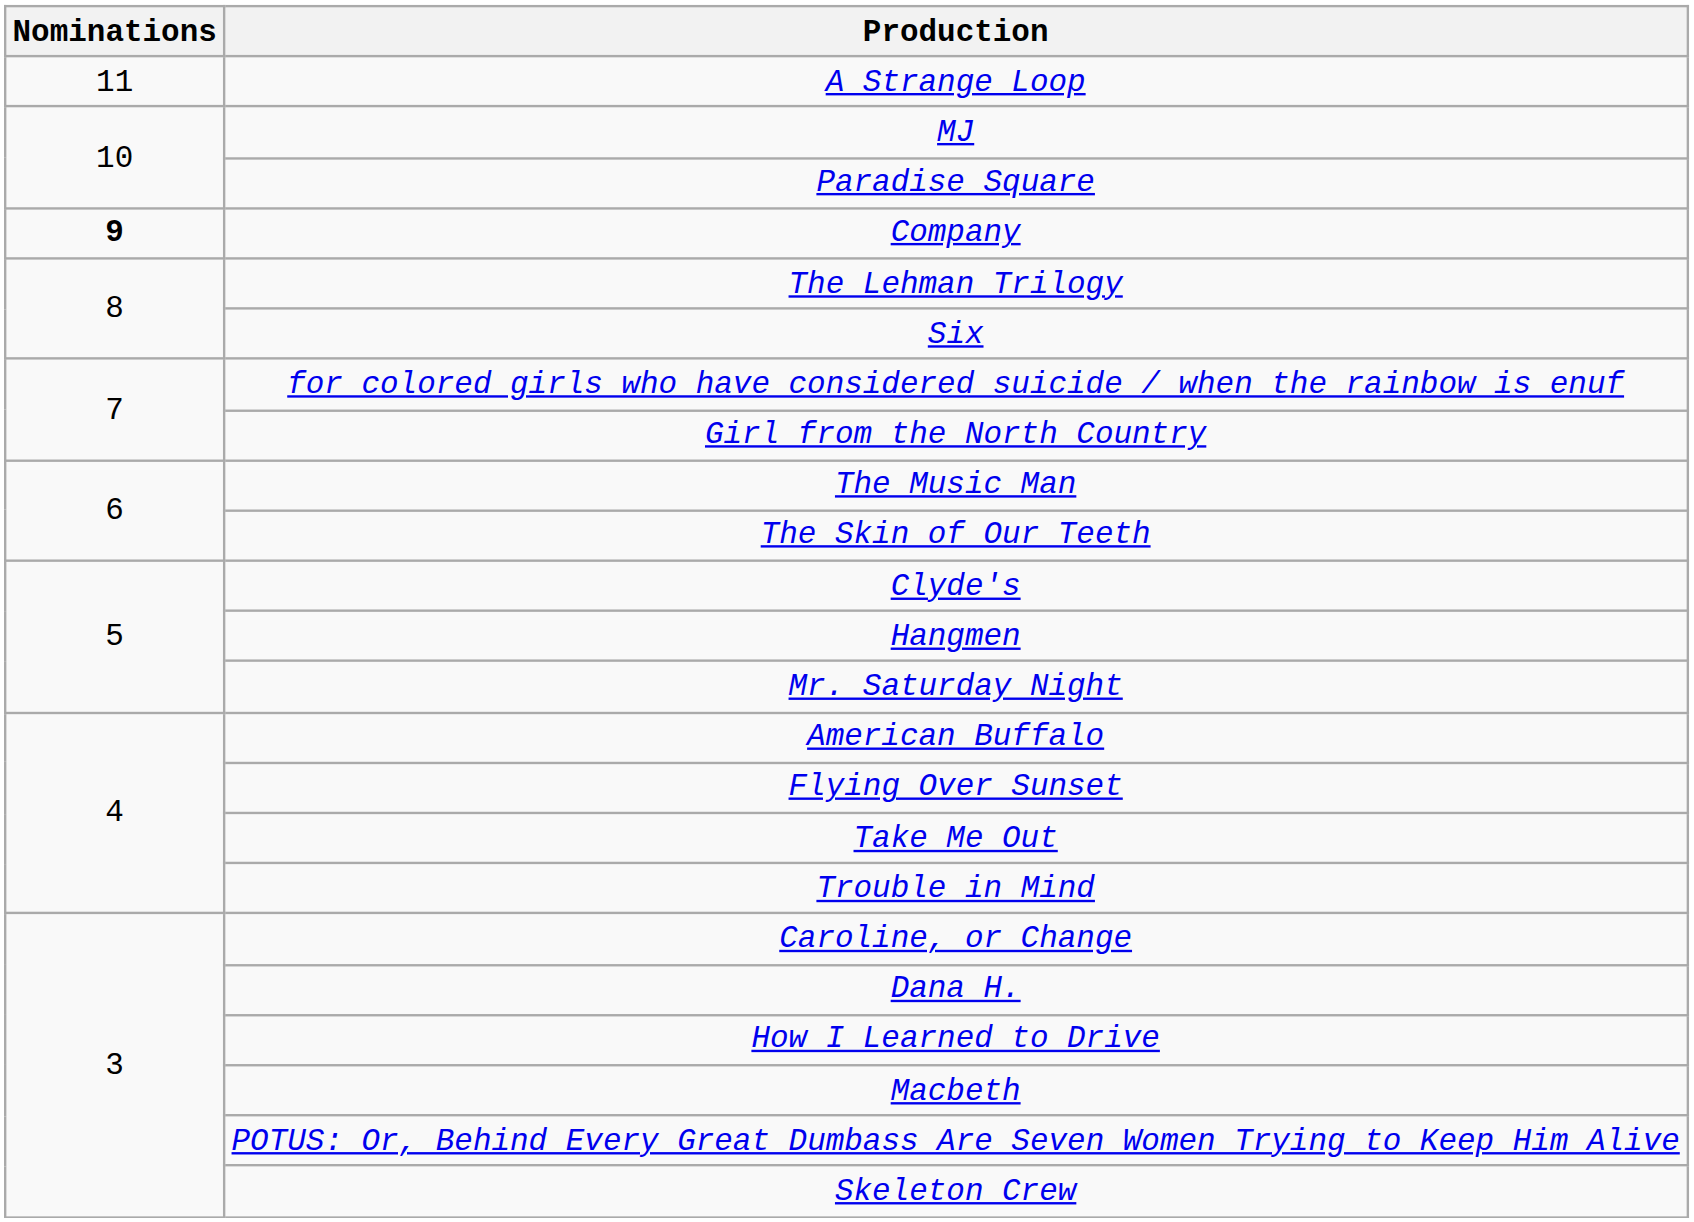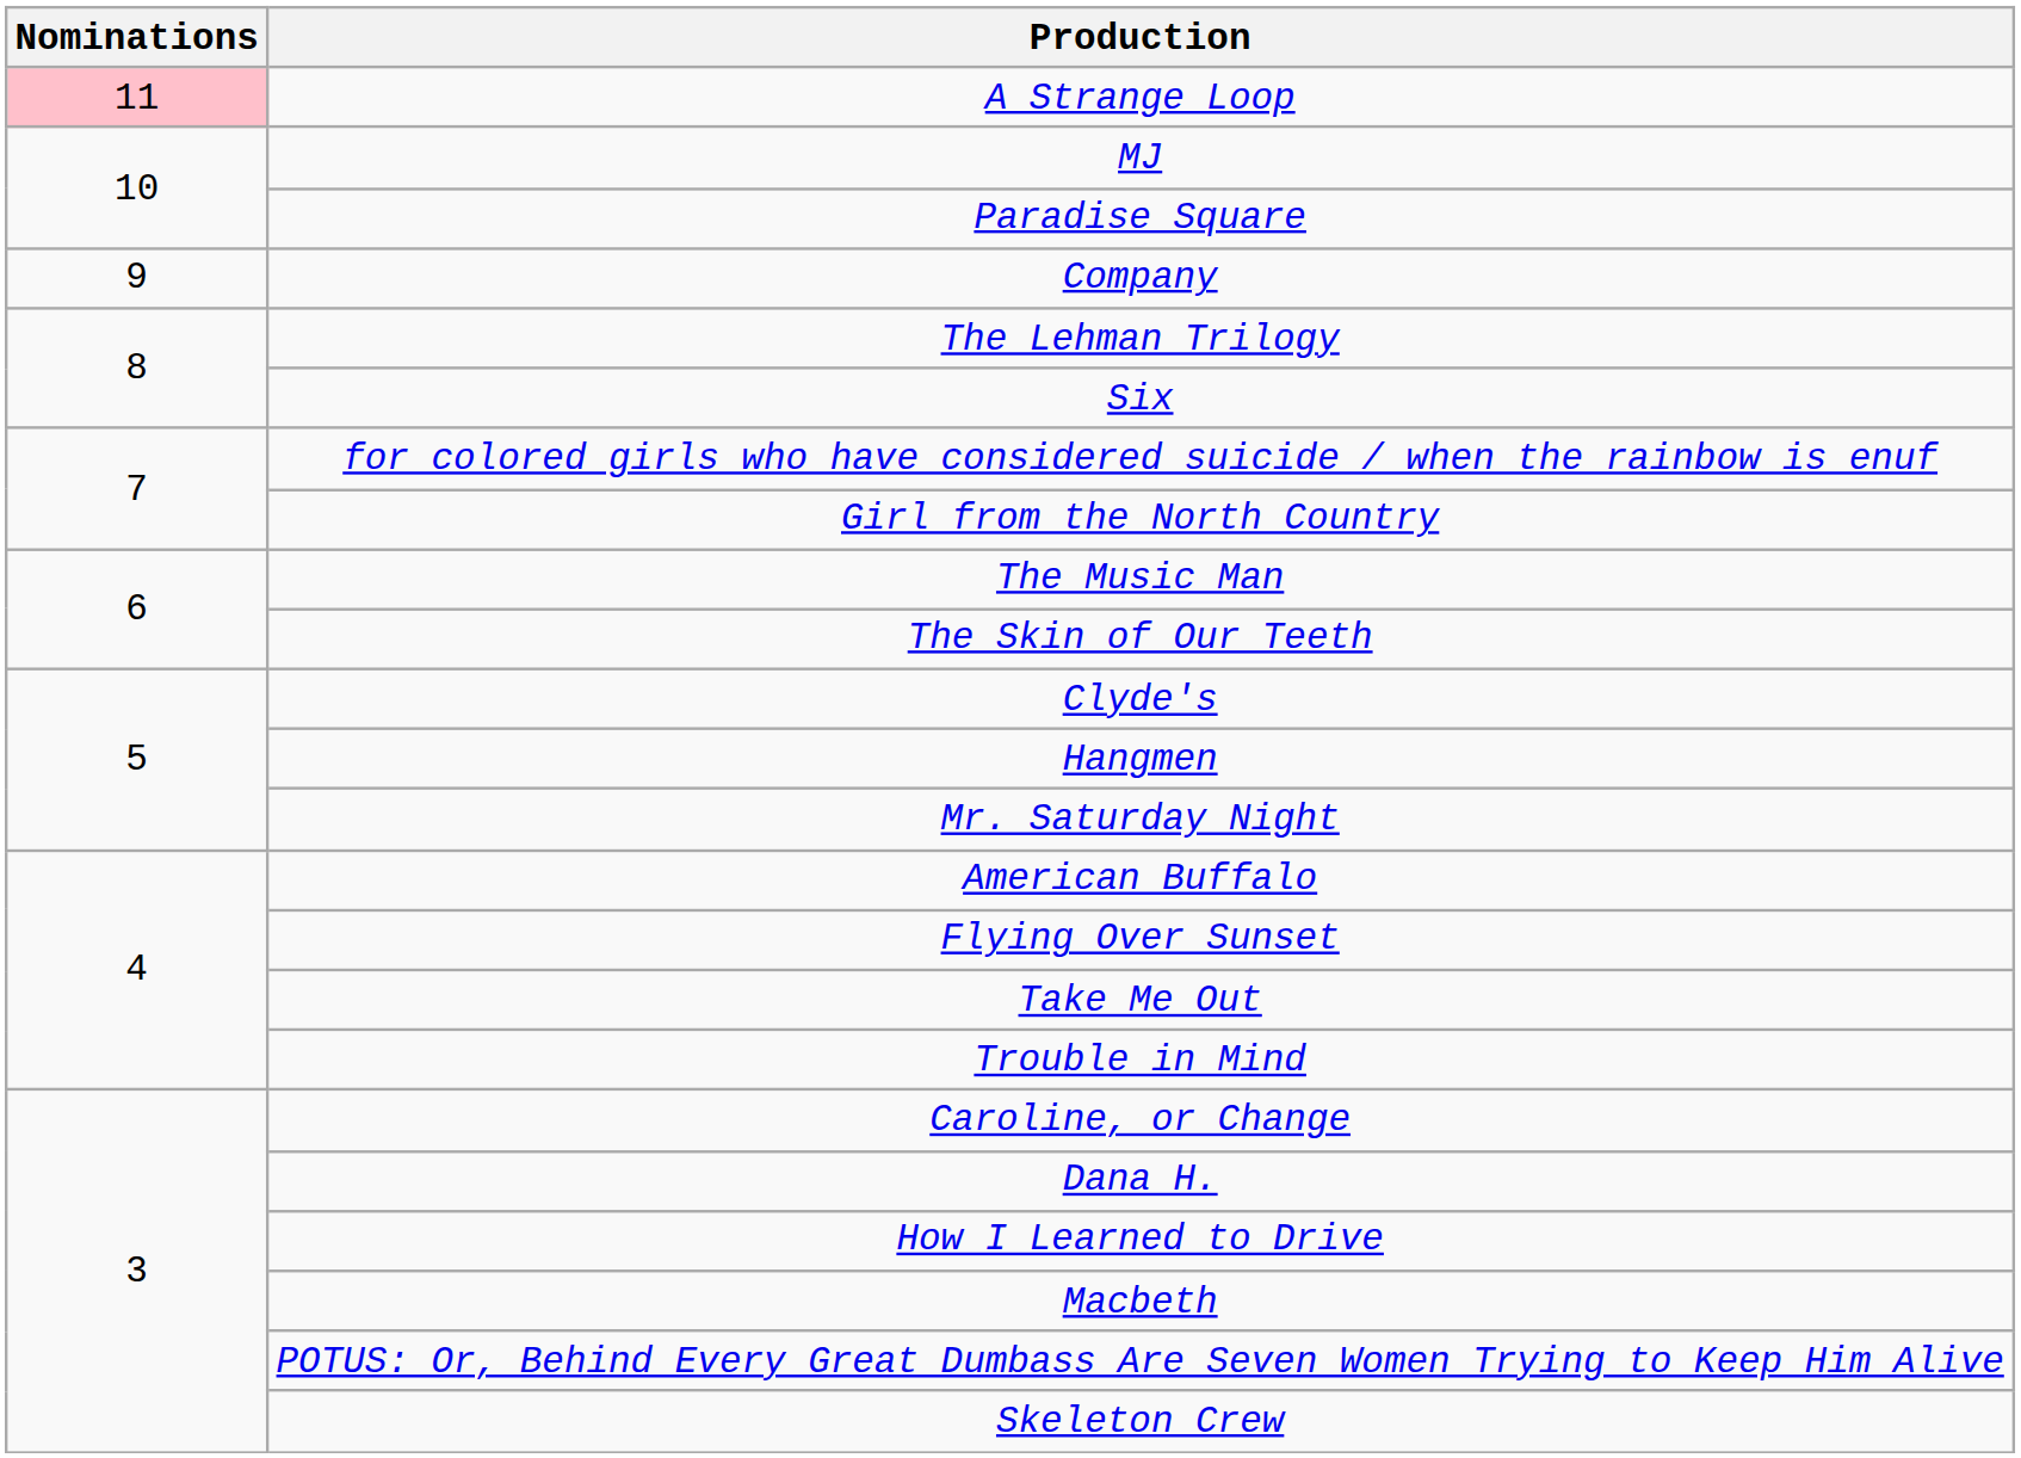 <table class="wikitable plainrowheaders" style="text-align: center; float:left; margin-right:1em;">
 <tr>
 <th scope="col" style="width:55px;">Nominations</th>
 <th scope="col" style="text-align:center;">Production</th>
 </tr>
 <tr>
-<td scope="row" style="text-align:center">11</td>
+<td scope="row" style="background: pink; text-align:center">11</td>
 <td><em><a href='#'>A Strange Loop</a></em></td>
 </tr>
 <tr>
 <td scope="row" rowspan="2" style="text-align:center">10</td>
 <td><em><a href='#'>MJ</a></em></td>
 </tr>
 <tr>
 <td><em><a href='#'>Paradise Square</a></em></td>
 </tr>
 <tr>
-<td scope="row" style="text-align:center"><strong>9</strong></td>
+<td scope="row" style="text-align:center">9</td>
 <td><em><a href='#'>Company</a></em></td>
 </tr>
 <tr>
 <td scope="row" rowspan="2" style="text-align:center">8</td>
 <td><em><a href='#'>The Lehman Trilogy</a></em></td>
 </tr>
 <tr>
 <td><em><a href='#'>Six</a></em></td>
 </tr>
 <tr>
 <td scope="row" rowspan="2" style="text-align:center">7</td>
 <td><em><a href='#'>for colored girls who have considered suicide / when the rainbow is enuf</a></em></td>
 </tr>
 <tr>
 <td><em><a href='#'>Girl from the North Country</a></em></td>
 </tr>
 <tr>
 <td scope="row" rowspan="2" style="text-align:center">6</td>
 <td><em><a href='#'>The Music Man</a></em></td>
 </tr>
 <tr>
 <td><em><a href='#'>The Skin of Our Teeth</a></em></td>
 </tr>
 <tr>
 <td scope="row" rowspan="3" style="text-align:center">5</td>
 <td><em><a href='#'>Clyde's</a></em></td>
 </tr>
 <tr>
 <td><em><a href='#'>Hangmen</a></em></td>
 </tr>
 <tr>
 <td><em><a href='#'>Mr. Saturday Night</a></em></td>
 </tr>
 <tr>
 <td scope="row" rowspan="4" style="text-align:center">4</td>
 <td><em><a href='#'>American Buffalo</a></em></td>
 </tr>
 <tr>
 <td><em><a href='#'>Flying Over Sunset</a></em></td>
 </tr>
 <tr>
 <td><em><a href='#'>Take Me Out</a></em></td>
 </tr>
 <tr>
 <td><em><a href='#'>Trouble in Mind</a></em></td>
 </tr>
 <tr>
 <td scope="row" rowspan="6" style="text-align:center">3</td>
 <td><em><a href='#'>Caroline, or Change</a></em></td>
 </tr>
 <tr>
 <td><em><a href='#'>Dana H.</a></em></td>
 </tr>
 <tr>
 <td><em><a href='#'>How I Learned to Drive</a></em></td>
 </tr>
 <tr>
 <td><em><a href='#'>Macbeth</a></em></td>
 </tr>
 <tr>
 <td><em><a href='#'>POTUS: Or, Behind Every Great Dumbass Are Seven Women Trying to Keep Him Alive</a></em></td>
 </tr>
 <tr>
 <td><em><a href='#'>Skeleton Crew</a></em></td>
 </tr>
 </table>
